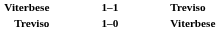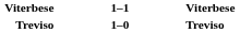 <table width="100%" cellspacing="1">
 <tr>
 <th width="20%"></th>
 <th width="12%"></th>
 <th width="20%"></th>
 <th></th>
 </tr>
 <tr style="font-size:90%;">
 <td align="right"><strong>Viterbese</strong></td>
 <td align="center"><strong>1–1</strong></td>
-<td align="left"><strong>Treviso</strong></td>
+<td align="left"><strong>Viterbese</strong></td>
 </tr>
 <tr style="font-size:90%;">
 <td align="right"><strong>Treviso</strong></td>
 <td align="center"><strong>1–0</strong></td>
-<td align="left"><strong>Viterbese</strong></td>
+<td align="left"><strong>Treviso</strong></td>
 </tr>
 </table>
